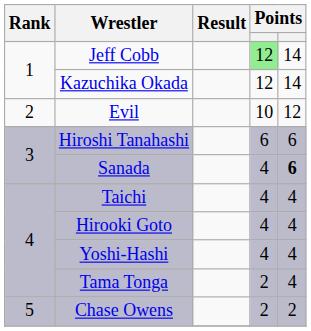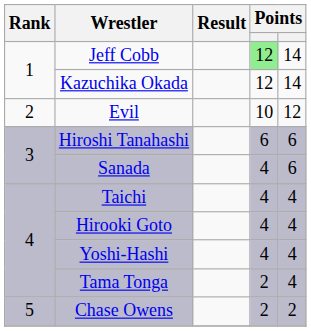 <table class="wikitable mw-collapsible mw-collapsed" plainrowheaders sortable" style="text-align: center">
 <tr>
 <th scope="col" rowspan="2">Rank</th>
 <th scope="col" rowspan="2">Wrestler</th>
 <th scope="col" rowspan="2">Result</th>
 <th scope="col" colspan="2">Points</th>
 </tr>
 <tr>
 <th></th>
 <th></th>
 </tr>
 <tr>
 <td rowspan="2">1</td>
 <td><a href='#'>Jeff Cobb</a></td>
 <td></td>
 <td style="background: lightgreen;">12</td>
 <td>14</td>
 </tr>
 <tr>
 <td><a href='#'>Kazuchika Okada</a></td>
 <td></td>
 <td>12</td>
 <td>14</td>
 </tr>
 <tr>
 <td rowspan="1">2</td>
 <td><a href='#'>Evil</a></td>
 <td></td>
 <td>10</td>
 <td>12</td>
 </tr>
 <tr>
 <td rowspan="2" style="background: #BBBBCC;">3</td>
 <td style="background: #BBBBCC;"><a href='#'>Hiroshi Tanahashi</a></td>
 <td></td>
 <td style="background: #BBBBCC;">6</td>
 <td style="background: #BBBBCC;">6</td>
 </tr>
 <tr>
 <td style="background: #BBBBCC;"><a href='#'>Sanada</a></td>
 <td></td>
 <td style="background: #BBBBCC;">4</td>
-<td style="background: #BBBBCC;"><strong>6</strong></td>
+<td style="background: #BBBBCC;">6</td>
 </tr>
 <tr>
 <td rowspan="4" style="background: #BBBBCC;">4</td>
 <td style="background: #BBBBCC;"><a href='#'>Taichi</a></td>
 <td></td>
 <td style="background: #BBBBCC;">4</td>
 <td style="background: #BBBBCC;">4</td>
 </tr>
 <tr>
 <td style="background: #BBBBCC;"><a href='#'>Hirooki Goto</a></td>
 <td></td>
 <td style="background: #BBBBCC;">4</td>
 <td style="background: #BBBBCC;">4</td>
 </tr>
 <tr>
 <td style="background: #BBBBCC;"><a href='#'>Yoshi-Hashi</a></td>
 <td></td>
 <td style="background: #BBBBCC;">4</td>
 <td style="background: #BBBBCC;">4</td>
 </tr>
 <tr>
 <td style="background: #BBBBCC;"><a href='#'>Tama Tonga</a></td>
 <td></td>
 <td style="background: #BBBBCC;">2</td>
 <td style="background: #BBBBCC;">4</td>
 </tr>
 <tr>
 <td style="background: #BBBBCC;">5</td>
 <td style="background: #BBBBCC;"><a href='#'>Chase Owens</a></td>
 <td></td>
 <td style="background: #BBBBCC;">2</td>
 <td style="background: #BBBBCC;">2</td>
 </tr>
 <tr>
 </tr>
 <tr>
 </tr>
 </table>
